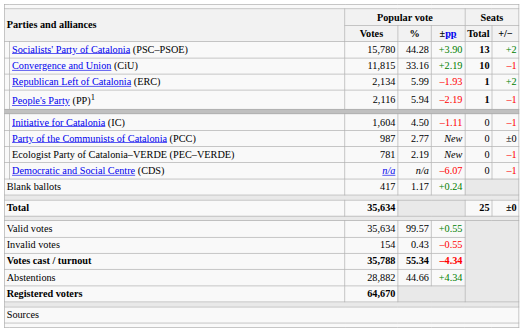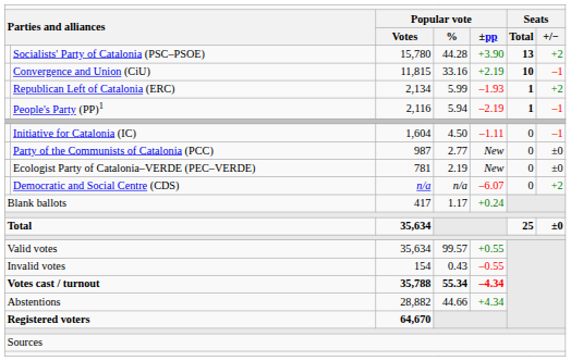 <table class="wikitable" style="text-align:right;">
 <tr>
 <td colspan="7"></td>
 </tr>
 <tr>
 <th style="text-align:left;" rowspan="2" colspan="2" width="525">Parties and alliances</th>
 <th colspan="3">Popular vote</th>
 <th colspan="2">Seats</th>
 </tr>
 <tr>
 <th width="75">Votes</th>
 <th width="45">%</th>
 <th width="45">±<a href='#'>pp</a></th>
 <th width="35">Total</th>
 <th width="35">+/−</th>
 </tr>
 <tr>
 <td width="1" style="color:inherit;background:"></td>
 <td align="left"><a href='#'>Socialists' Party of Catalonia</a> (PSC–PSOE)</td>
 <td>15,780</td>
 <td>44.28</td>
 <td style="color:green;">+3.90</td>
 <td><strong>13</strong></td>
 <td style="color:green;">+2</td>
 </tr>
 <tr>
 <td style="color:inherit;background:"></td>
 <td align="left"><a href='#'>Convergence and Union</a> (CiU)</td>
 <td>11,815</td>
 <td>33.16</td>
 <td style="color:green;">+2.19</td>
 <td><strong>10</strong></td>
 <td style="color:red;">–1</td>
 </tr>
 <tr>
 <td style="color:inherit;background:"></td>
 <td align="left"><a href='#'>Republican Left of Catalonia</a> (ERC)</td>
 <td>2,134</td>
 <td>5.99</td>
 <td style="color:red;">–1.93</td>
 <td><strong>1</strong></td>
 <td style="color:green;">+2</td>
 </tr>
 <tr>
 <td style="color:inherit;background:"></td>
 <td align="left"><a href='#'>People's Party</a> (PP)<sup>1</sup></td>
 <td>2,116</td>
 <td>5.94</td>
 <td style="color:red;">–2.19</td>
 <td><strong>1</strong></td>
 <td style="color:red;">–1</td>
 </tr>
 <tr>
 <td colspan="7" style="color:inherit;background:#C0C0C0"></td>
 </tr>
 <tr>
 <td style="color:inherit;background:"></td>
 <td align="left"><a href='#'>Initiative for Catalonia</a> (IC)</td>
 <td>1,604</td>
 <td>4.50</td>
 <td style="color:red;">–1.11</td>
 <td>0</td>
 <td style="color:red;">–1</td>
 </tr>
 <tr>
 <td style="color:inherit;background:"></td>
 <td align="left"><a href='#'>Party of the Communists of Catalonia</a> (PCC)</td>
 <td>987</td>
 <td>2.77</td>
 <td><em>New</em></td>
 <td>0</td>
 <td>±0</td>
 </tr>
 <tr>
 <td style="color:inherit;background:"></td>
 <td align="left">Ecologist Party of Catalonia–VERDE (PEC–VERDE)</td>
 <td>781</td>
 <td>2.19</td>
 <td><em>New</em></td>
 <td>0</td>
-<td style="color:red;">–1</td>
+<td>±0</td>
 </tr>
 <tr>
 <td style="color:inherit;background:"></td>
 <td align="left"><a href='#'>Democratic and Social Centre</a> (CDS)</td>
 <td><em><a href='#'>n/a</a></em></td>
 <td><em>n/a</em></td>
 <td style="color:red;">–6.07</td>
 <td>0</td>
-<td style="color:red;">–1</td>
+<td style="color:green;">+2</td>
 </tr>
 <tr>
 <td align="left" colspan="2">Blank ballots</td>
 <td>417</td>
 <td>1.17</td>
 <td style="color:green;">+0.24</td>
 <td style="color:inherit;background:#E9E9E9" colspan="2"></td>
 </tr>
 <tr>
 <td colspan="7" style="color:inherit;background:#E9E9E9"></td>
 </tr>
 <tr style="font-weight:bold;">
 <td align="left" colspan="2">Total</td>
 <td>35,634</td>
 <td bgcolor="#E9E9E9" colspan="2"></td>
 <td>25</td>
 <td>±0</td>
 </tr>
 <tr>
 <td colspan="7" style="color:inherit;background:#E9E9E9"></td>
 </tr>
 <tr>
 <td align="left" colspan="2">Valid votes</td>
 <td>35,634</td>
 <td>99.57</td>
 <td style="color:green;">+0.55</td>
 <td bgcolor="#E9E9E9" colspan="2" rowspan="5"></td>
 </tr>
 <tr>
 <td align="left" colspan="2">Invalid votes</td>
 <td>154</td>
 <td>0.43</td>
 <td style="color:red;">–0.55</td>
 </tr>
 <tr style="font-weight:bold;">
 <td align="left" colspan="2">Votes cast / turnout</td>
 <td>35,788</td>
 <td>55.34</td>
 <td style="color:red;">–4.34</td>
 </tr>
 <tr>
 <td align="left" colspan="2">Abstentions</td>
 <td>28,882</td>
 <td>44.66</td>
 <td style="color:green;">+4.34</td>
 </tr>
 <tr style="font-weight:bold;">
 <td align="left" colspan="2">Registered voters</td>
 <td>64,670</td>
 <td bgcolor="#E9E9E9" colspan="2"></td>
 </tr>
 <tr>
 <td colspan="7" style="color:inherit;background:#E9E9E9"></td>
 </tr>
 <tr>
 <td align="left" colspan="7">Sources</td>
 </tr>
 <tr>
 <td colspan="7" style="text-align:left; max-width:790px;"></td>
 </tr>
 </table>
